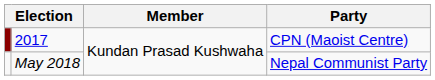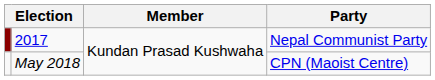 <table class="wikitable">
 <tr>
 <th colspan="2">Election</th>
 <th>Member</th>
 <th>Party</th>
 </tr>
 <tr>
 <td style="background-color:darkred"></td>
 <td><a href='#'>2017</a></td>
 <td rowspan="2">Kundan Prasad Kushwaha</td>
-<td><a href='#'>CPN (Maoist Centre)</a></td>
+<td><a href='#'>Nepal Communist Party</a></td>
 </tr>
 <tr>
 <td style="background-color:"></td>
 <td><em>May 2018</em></td>
-<td><a href='#'>Nepal Communist Party</a></td>
+<td><a href='#'>CPN (Maoist Centre)</a></td>
 </tr>
 </table>
